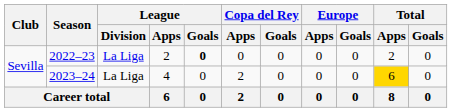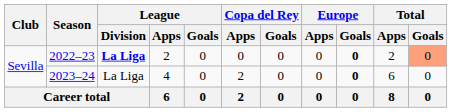 <table class="wikitable" style="text-align:center">
 <tr>
 <th rowspan="2">Club</th>
 <th rowspan="2">Season</th>
 <th colspan="3">League</th>
 <th colspan="2"><a href='#'>Copa del Rey</a></th>
 <th colspan="2"><a href='#'>Europe</a></th>
 <th colspan="2">Total</th>
 </tr>
 <tr>
 <th>Division</th>
 <th>Apps</th>
 <th>Goals</th>
 <th>Apps</th>
 <th>Goals</th>
 <th>Apps</th>
 <th>Goals</th>
 <th>Apps</th>
 <th>Goals</th>
 </tr>
 <tr>
 <td rowspan="2"><a href='#'>Sevilla</a></td>
 <td><a href='#'>2022–23</a></td>
-<td><a href='#'>La Liga</a></td>
+<td><strong><a href='#'>La Liga</a></strong></td>
 <td>2</td>
-<td><strong>0</strong></td>
 <td>0</td>
 <td>0</td>
 <td>0</td>
 <td>0</td>
+<td><strong>0</strong></td>
 <td>2</td>
-<td>0</td>
+<td style="background: lightsalmon;">0</td>
 </tr>
 <tr>
 <td><a href='#'>2023–24</a></td>
 <td>La Liga</td>
 <td>4</td>
 <td>0</td>
 <td>2</td>
 <td>0</td>
 <td>0</td>
-<td>0</td>
-<td style="background: gold;">6</td>
+<td><strong>0</strong></td>
+<td>6</td>
 <td>0</td>
 </tr>
 <tr>
 <th colspan="3">Career total</th>
 <th>6</th>
 <th>0</th>
 <th>2</th>
 <th>0</th>
 <th>0</th>
 <th>0</th>
 <th>8</th>
 <th>0</th>
 </tr>
 </table>
